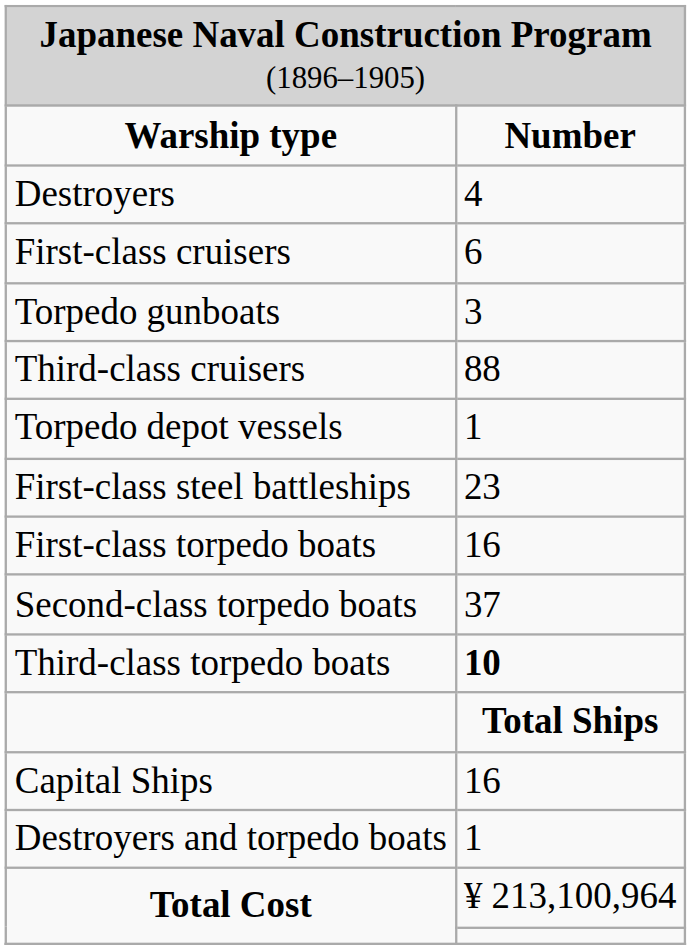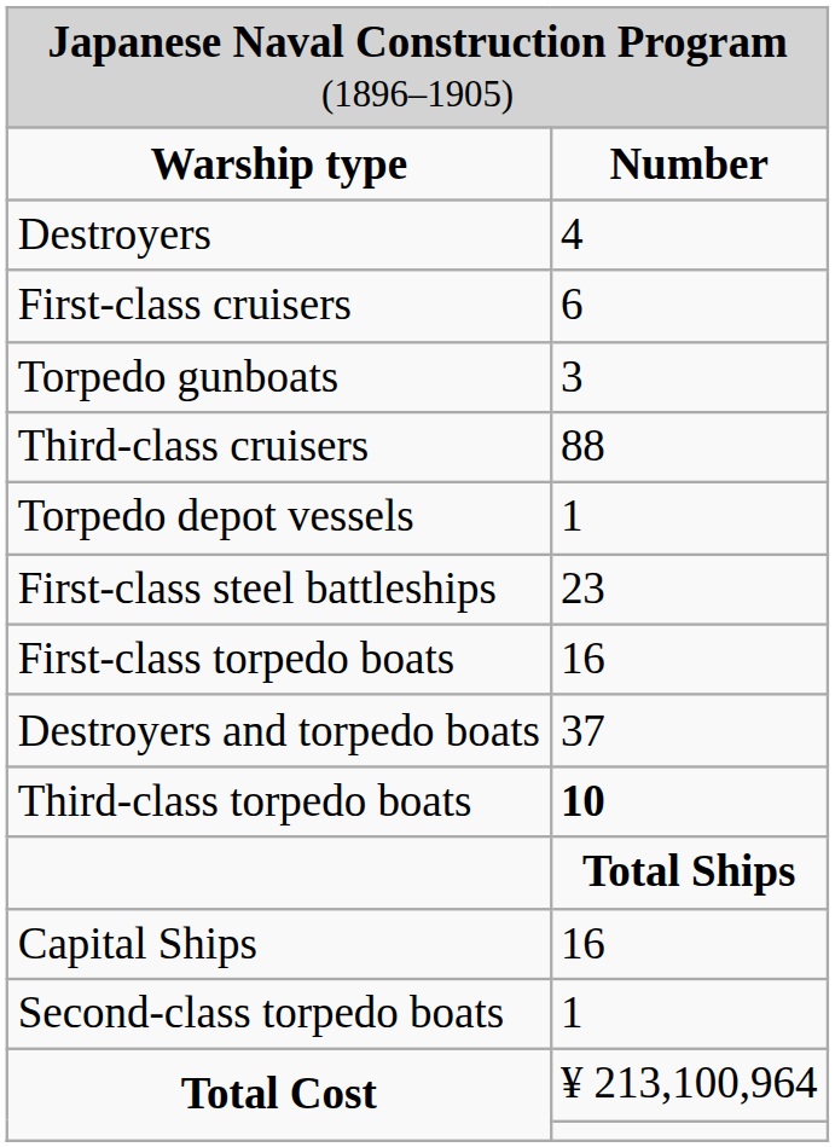 <table class="wikitable" align="right" style="margin-left: 1em;" style="font-size: 100%;">
 <tr>
 <td colspan="2" align="center" cellspacing="0" style="background:lightgrey; color:black"><strong>Japanese Naval Construction Program</strong><br><small>(1896–1905)</small></td>
 </tr>
 <tr>
 <td align=center rowspan=1><strong>Warship type</strong></td>
 <td colspan="1" align=center><strong>Number</strong></td>
 </tr>
 <tr>
 <td>Destroyers</td>
 <td>4</td>
 </tr>
 <tr>
 <td>First-class cruisers</td>
 <td>6</td>
 </tr>
 <tr>
 <td>Torpedo gunboats</td>
 <td>3</td>
 </tr>
 <tr>
 <td>Third-class cruisers</td>
 <td>88</td>
 </tr>
 <tr>
 <td>Torpedo depot vessels</td>
 <td>1</td>
 </tr>
 <tr>
 <td>First-class steel battleships</td>
 <td>23</td>
 </tr>
 <tr>
 <td>First-class torpedo boats</td>
 <td>16</td>
 </tr>
 <tr>
-<td>Second-class torpedo boats</td>
+<td>Destroyers and torpedo boats</td>
 <td>37</td>
 </tr>
 <tr>
 <td>Third-class torpedo boats</td>
 <td><strong>10</strong></td>
 </tr>
 <tr>
 <td></td>
 <td rowspan="1" align=center><strong>Total Ships</strong></td>
 </tr>
 <tr>
 <td>Capital Ships</td>
 <td>16</td>
 </tr>
 <tr>
-<td>Destroyers and torpedo boats</td>
+<td>Second-class torpedo boats</td>
 <td>1</td>
 </tr>
 <tr>
 <td rowspan="2" align=center><strong>Total Cost</strong></td>
 <td>¥ 213,100,964</td>
 </tr>
 <tr>
 <td></td>
 </tr>
 <tr>
 </tr>
 </table>
